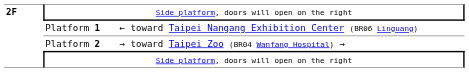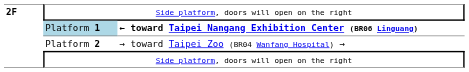 <table table border=0 cellspacing=0 cellpadding=3>
 <tr>
 <td style="border-top:solid 1px gray;border-bottom:solid 1px gray;" width=50 rowspan=10 valign=top><strong>2F</strong></td>
 </tr>
 <tr>
 <td style="border-right:solid 2px black;border-left:solid 2px black;border-bottom:solid 2px black;border-top:solid 1px gray;text-align:center;" colspan=2><small><a href='#'>Side platform</a>, doors will open on the right</small></td>
 </tr>
 <tr>
-<td style="border-bottom:solid 1px gray;" width=100>Platform <span><strong>1</strong></span></td>
-<td style="border-bottom:solid 1px gray;" width=490>←  toward <a href='#'>Taipei Nangang Exhibition Center</a> <small>(BR06 <a href='#'>Linguang</a>)</small></td>
+<td style="background: lightblue; border-bottom:solid 1px gray;" width=100>Platform <span><strong>1</strong></span></td>
+<td style="border-bottom:solid 1px gray;" width=490><strong>←  toward <a href='#'>Taipei Nangang Exhibition Center</a> <small>(BR06 <a href='#'>Linguang</a>)</small></strong></td>
 </tr>
 <tr>
 <td>Platform <span><strong>2</strong></span></td>
 <td><span>→</span> toward <a href='#'>Taipei Zoo</a> <small>(BR04 <a href='#'>Wanfang Hospital</a>)</small> →</td>
 </tr>
 <tr>
 <td style="border-top:solid 2px black;border-right:solid 2px black;border-left:solid 2px black;border-bottom:solid 1px gray;text-align:center;" colspan=2><small><a href='#'>Side platform</a>, doors will open on the right</small></td>
 </tr>
 </table>
